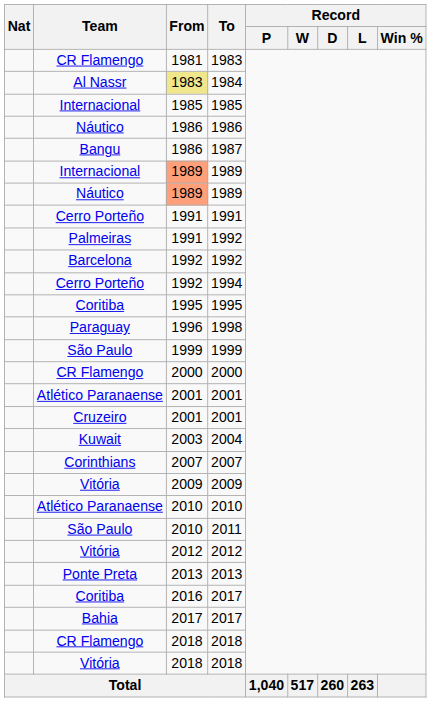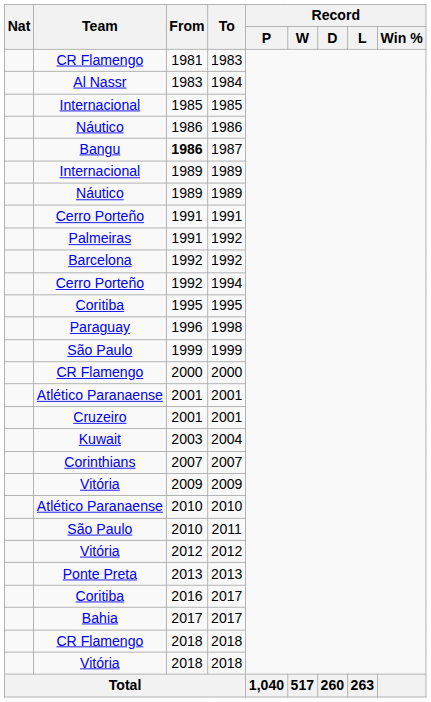 <table class="wikitable" style="text-align: center">
 <tr>
 <th rowspan="2">Nat</th>
 <th rowspan="2">Team</th>
 <th rowspan="2">From</th>
 <th rowspan="2">To</th>
 <th colspan="8">Record</th>
 </tr>
 <tr>
 <th>P</th>
 <th>W</th>
 <th>D</th>
 <th>L</th>
 <th>Win %</th>
 </tr>
 <tr>
 <td></td>
 <td><a href='#'>CR Flamengo</a></td>
 <td>1981</td>
 <td>1983<br></td>
 </tr>
 <tr>
 <td></td>
 <td><a href='#'>Al Nassr</a></td>
-<td style="background: khaki;">1983</td>
+<td>1983</td>
 <td>1984<br></td>
 </tr>
 <tr>
 <td></td>
 <td><a href='#'>Internacional</a></td>
 <td>1985</td>
 <td>1985<br></td>
 </tr>
 <tr>
 <td></td>
 <td><a href='#'>Náutico</a></td>
 <td>1986</td>
 <td>1986<br></td>
 </tr>
 <tr>
 <td></td>
 <td><a href='#'>Bangu</a></td>
-<td>1986</td>
+<td><strong>1986</strong></td>
 <td>1987<br></td>
 </tr>
 <tr>
 <td></td>
 <td><a href='#'>Internacional</a></td>
-<td style="background: lightsalmon;">1989</td>
+<td>1989</td>
 <td>1989<br></td>
 </tr>
 <tr>
 <td></td>
 <td><a href='#'>Náutico</a></td>
-<td style="background: lightsalmon;">1989</td>
+<td>1989</td>
 <td>1989<br></td>
 </tr>
 <tr>
 <td></td>
 <td><a href='#'>Cerro Porteño</a></td>
 <td>1991</td>
 <td>1991<br></td>
 </tr>
 <tr>
 <td></td>
 <td><a href='#'>Palmeiras</a></td>
 <td>1991</td>
 <td>1992<br></td>
 </tr>
 <tr>
 <td></td>
 <td><a href='#'>Barcelona</a></td>
 <td>1992</td>
 <td>1992<br></td>
 </tr>
 <tr>
 <td></td>
 <td><a href='#'>Cerro Porteño</a></td>
 <td>1992</td>
 <td>1994<br></td>
 </tr>
 <tr>
 <td></td>
 <td><a href='#'>Coritiba</a></td>
 <td>1995</td>
 <td>1995<br></td>
 </tr>
 <tr>
 <td></td>
 <td><a href='#'>Paraguay</a></td>
 <td>1996</td>
 <td>1998<br></td>
 </tr>
 <tr>
 <td></td>
 <td><a href='#'>São Paulo</a></td>
 <td>1999</td>
 <td>1999<br></td>
 </tr>
 <tr>
 <td></td>
 <td><a href='#'>CR Flamengo</a></td>
 <td>2000</td>
 <td>2000<br></td>
 </tr>
 <tr>
 <td></td>
 <td><a href='#'>Atlético Paranaense</a></td>
 <td>2001</td>
 <td>2001<br></td>
 </tr>
 <tr>
 <td></td>
 <td><a href='#'>Cruzeiro</a></td>
 <td>2001</td>
 <td>2001<br></td>
 </tr>
 <tr>
 <td></td>
 <td><a href='#'>Kuwait</a></td>
 <td>2003</td>
 <td>2004<br></td>
 </tr>
 <tr>
 <td></td>
 <td><a href='#'>Corinthians</a></td>
 <td>2007</td>
 <td>2007<br></td>
 </tr>
 <tr>
 <td></td>
 <td><a href='#'>Vitória</a></td>
 <td>2009</td>
 <td>2009<br></td>
 </tr>
 <tr>
 <td></td>
 <td><a href='#'>Atlético Paranaense</a></td>
 <td>2010</td>
 <td>2010<br></td>
 </tr>
 <tr>
 <td></td>
 <td><a href='#'>São Paulo</a></td>
 <td>2010</td>
 <td>2011<br></td>
 </tr>
 <tr>
 <td></td>
 <td><a href='#'>Vitória</a></td>
 <td>2012</td>
 <td>2012<br></td>
 </tr>
 <tr>
 <td></td>
 <td><a href='#'>Ponte Preta</a></td>
 <td>2013</td>
 <td>2013<br></td>
 </tr>
 <tr>
 <td></td>
 <td><a href='#'>Coritiba</a></td>
 <td>2016</td>
 <td>2017<br></td>
 </tr>
 <tr>
 <td></td>
 <td><a href='#'>Bahia</a></td>
 <td>2017</td>
 <td>2017<br></td>
 </tr>
 <tr>
 <td></td>
 <td><a href='#'>CR Flamengo</a></td>
 <td>2018</td>
 <td>2018<br></td>
 </tr>
 <tr>
 <td></td>
 <td><a href='#'>Vitória</a></td>
 <td>2018</td>
 <td>2018<br></td>
 </tr>
 <tr>
 <th align="center" colspan="4">Total</th>
 <th>1,040</th>
 <th>517</th>
 <th>260</th>
 <th>263</th>
 <th></th>
 </tr>
 </table>
